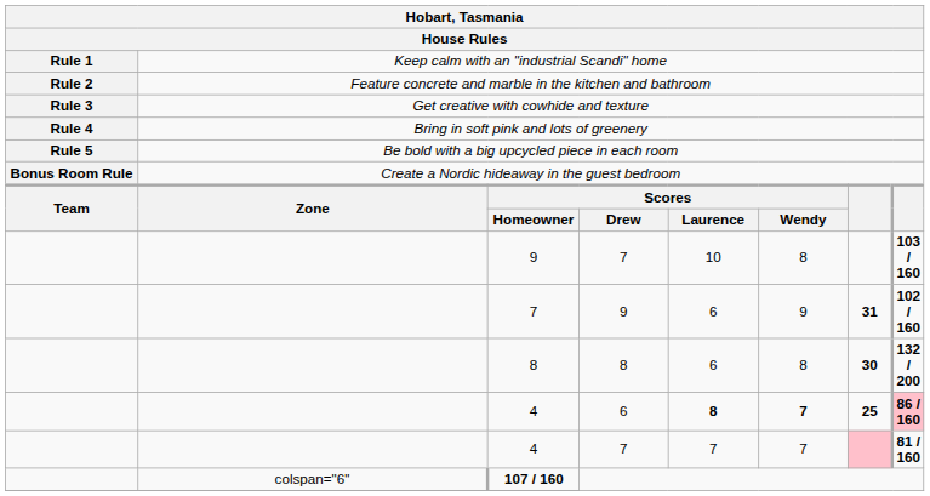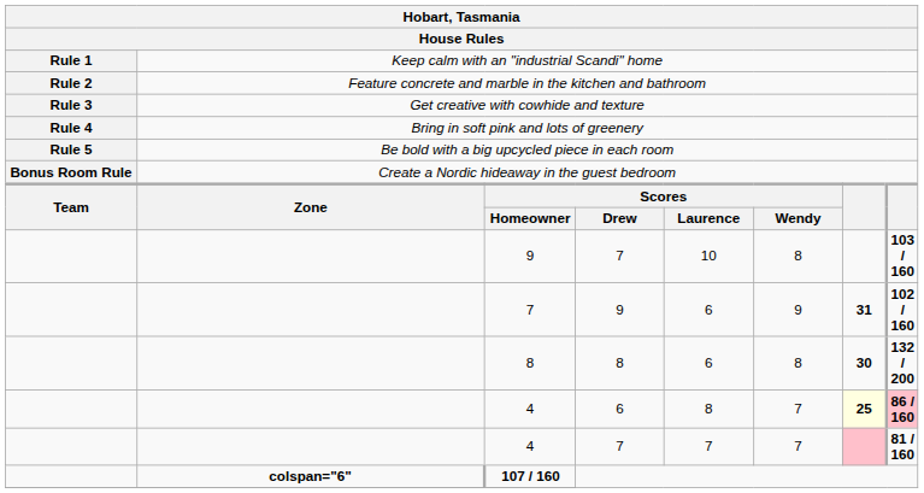 <table class="wikitable plainrowheaders" style="text-align:center; font-size:90%; width:65em;">
 <tr>
 <th colspan="8" >Hobart, Tasmania</th>
 </tr>
 <tr>
 <th colspan="8">House Rules</th>
 </tr>
 <tr>
 <th>Rule 1</th>
 <td colspan="7"><em>Keep calm with an "industrial Scandi" home</em></td>
 </tr>
 <tr>
 <th>Rule 2</th>
 <td colspan="7"><em>Feature concrete and marble in the kitchen and bathroom</em></td>
 </tr>
 <tr>
 <th>Rule 3</th>
 <td colspan="7"><em>Get creative with cowhide and texture</em></td>
 </tr>
 <tr>
 <th>Rule 4</th>
 <td colspan="7"><em>Bring in soft pink and lots of greenery</em></td>
 </tr>
 <tr>
 <th>Rule 5</th>
 <td colspan="7"><em>Be bold with a big upcycled piece in each room</em></td>
 </tr>
 <tr>
 <th>Bonus Room Rule</th>
 <td colspan="7"><em>Create a Nordic hideaway in the guest bedroom</em></td>
 </tr>
 <tr style="border-top:3px solid #aaa;">
 <th rowspan="2">Team</th>
 <th rowspan="2" style="width:40%;">Zone</th>
 <th colspan="4" style="width:40%;">Scores</th>
 <th rowspan="2" style="width:10%;"></th>
 <th rowspan="2" style="width:10%; border-left:3px solid #aaa;"></th>
 </tr>
 <tr>
 <th style="width:10%;">Homeowner</th>
 <th style="width:10%;">Drew</th>
 <th style="width:10%;">Laurence</th>
 <th style="width:10%;">Wendy</th>
 </tr>
 <tr>
 <td style="width:15%;"></td>
 <td></td>
 <td>9</td>
 <td>7</td>
 <td>10</td>
 <td>8</td>
 <td></td>
 <td style="border-left:3px solid #aaa;"><strong>103 / 160</strong></td>
 </tr>
 <tr>
 <td style="width:15%;"></td>
 <td></td>
 <td>7</td>
 <td>9</td>
 <td>6</td>
 <td>9</td>
 <td><strong>31</strong></td>
 <td style="border-left:3px solid #aaa;"><strong>102 / 160</strong></td>
 </tr>
 <tr>
 <td style="width:15%;"></td>
 <td></td>
 <td>8</td>
 <td>8</td>
 <td>6</td>
 <td>8</td>
 <td><strong>30</strong></td>
 <td style="border-left:3px solid #aaa;"><strong>132 / 200</strong></td>
 </tr>
 <tr>
 <td style="width:15%;"></td>
 <td></td>
 <td>4</td>
 <td>6</td>
-<td><strong>8</strong></td>
-<td><strong>7</strong></td>
-<td><strong>25</strong></td>
+<td>8</td>
+<td>7</td>
+<td style="background: lightyellow;"><strong>25</strong></td>
 <td style="background: pink; border-left:3px solid #aaa;"><strong>86 / 160</strong></td>
 </tr>
 <tr>
 <td style="width:15%;"></td>
 <td></td>
 <td>4</td>
 <td>7</td>
 <td>7</td>
 <td>7</td>
 <td style="background:pink"></td>
 <td style="border-left:3px solid #aaa;"><strong>81 / 160</strong></td>
 </tr>
 <tr>
 <td style="width:15%;"></td>
-<td>colspan="6" </td>
+<td><strong>colspan="6" </strong></td>
 <td style="border-left:3px solid #aaa;"><strong>107 / 160</strong></td>
 </tr>
 <tr>
 </tr>
 </table>
